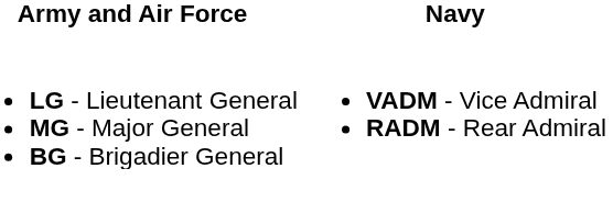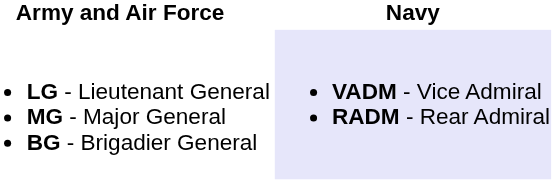 <table>
 <tr>
 <th><strong>Army and Air Force</strong></th>
 <th><strong>Navy</strong></th>
 </tr>
 <tr valign="top">
 <td><br><ul><li><strong>LG</strong> - Lieutenant General</li><li><strong>MG</strong> - Major General</li><li><strong>BG</strong> - Brigadier General</li></ul></td>
-<td><br><ul><li><strong>VADM</strong> - Vice Admiral</li><li><strong>RADM</strong> - Rear Admiral</li></ul></td>
+<td style="background: lavender;"><br><ul><li><strong>VADM</strong> - Vice Admiral</li><li><strong>RADM</strong> - Rear Admiral</li></ul></td>
 </tr>
 </table>
